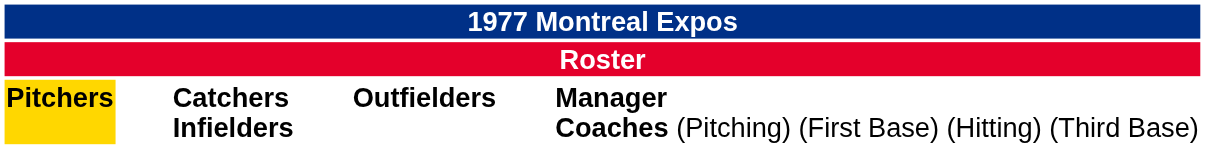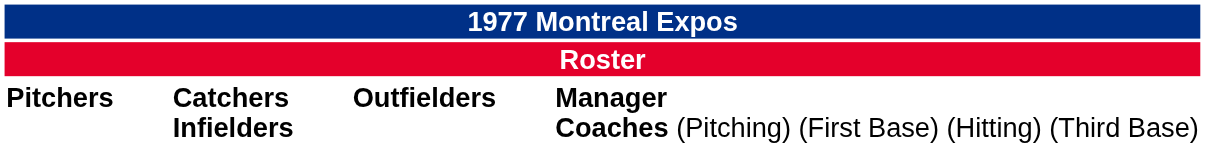 <table class="toccolours" style="font-size: 95%;">
 <tr>
 <th colspan="10" style="background-color: #003087; color: #FFFFFF; text-align: center;">1977 Montreal Expos</th>
 </tr>
 <tr>
 <td colspan="10" style="background-color: #E4002B; color: #FFFFFF; text-align: center;"><strong>Roster</strong></td>
 </tr>
 <tr>
-<td valign="top" style="background: gold;"><strong>Pitchers</strong><br>                </td>
+<td valign="top"><strong>Pitchers</strong><br>                </td>
 <td width="25px"></td>
 <td valign="top"><strong>Catchers</strong><br>    <strong>Infielders</strong>          </td>
 <td width="25px"></td>
 <td valign="top"><strong>Outfielders</strong><br>     </td>
 <td width="25px"></td>
 <td valign="top"><strong>Manager</strong><br> <strong>Coaches</strong>  (Pitching)  (First Base)  (Hitting)  (Third Base)</td>
 </tr>
 <tr>
 </tr>
 </table>
